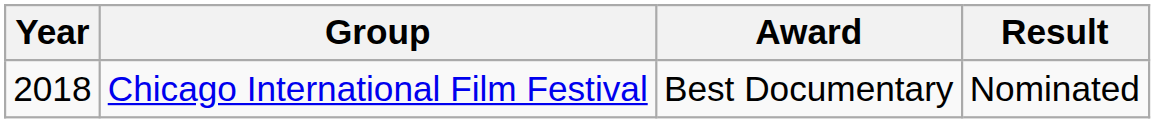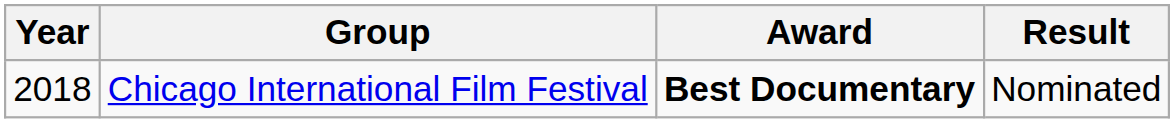 <table class="wikitable">
 <tr>
 <th>Year</th>
 <th>Group</th>
 <th>Award</th>
 <th>Result</th>
 </tr>
 <tr>
 <td rowspan="2">2018</td>
 <td><a href='#'>Chicago International Film Festival</a></td>
-<td>Best Documentary</td>
+<td><strong>Best Documentary</strong></td>
 <td>Nominated</td>
 </tr>
 </table>
